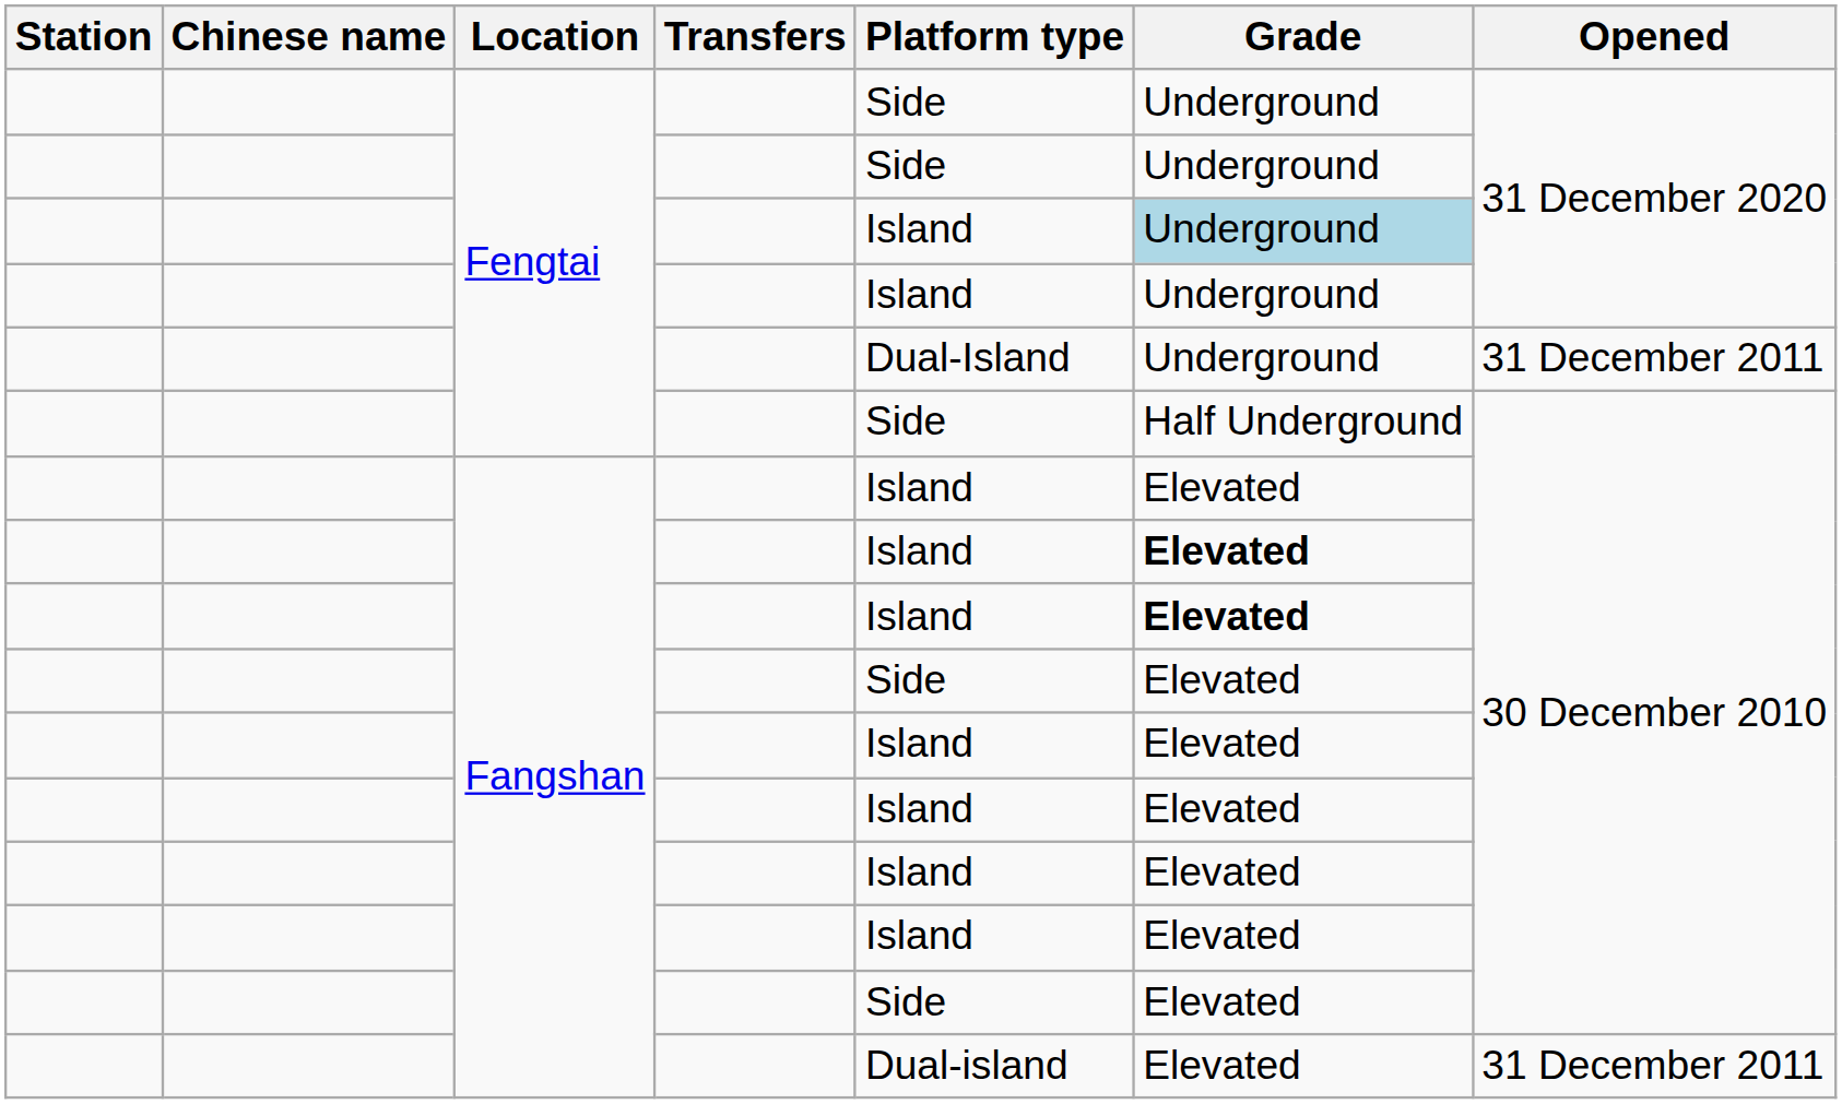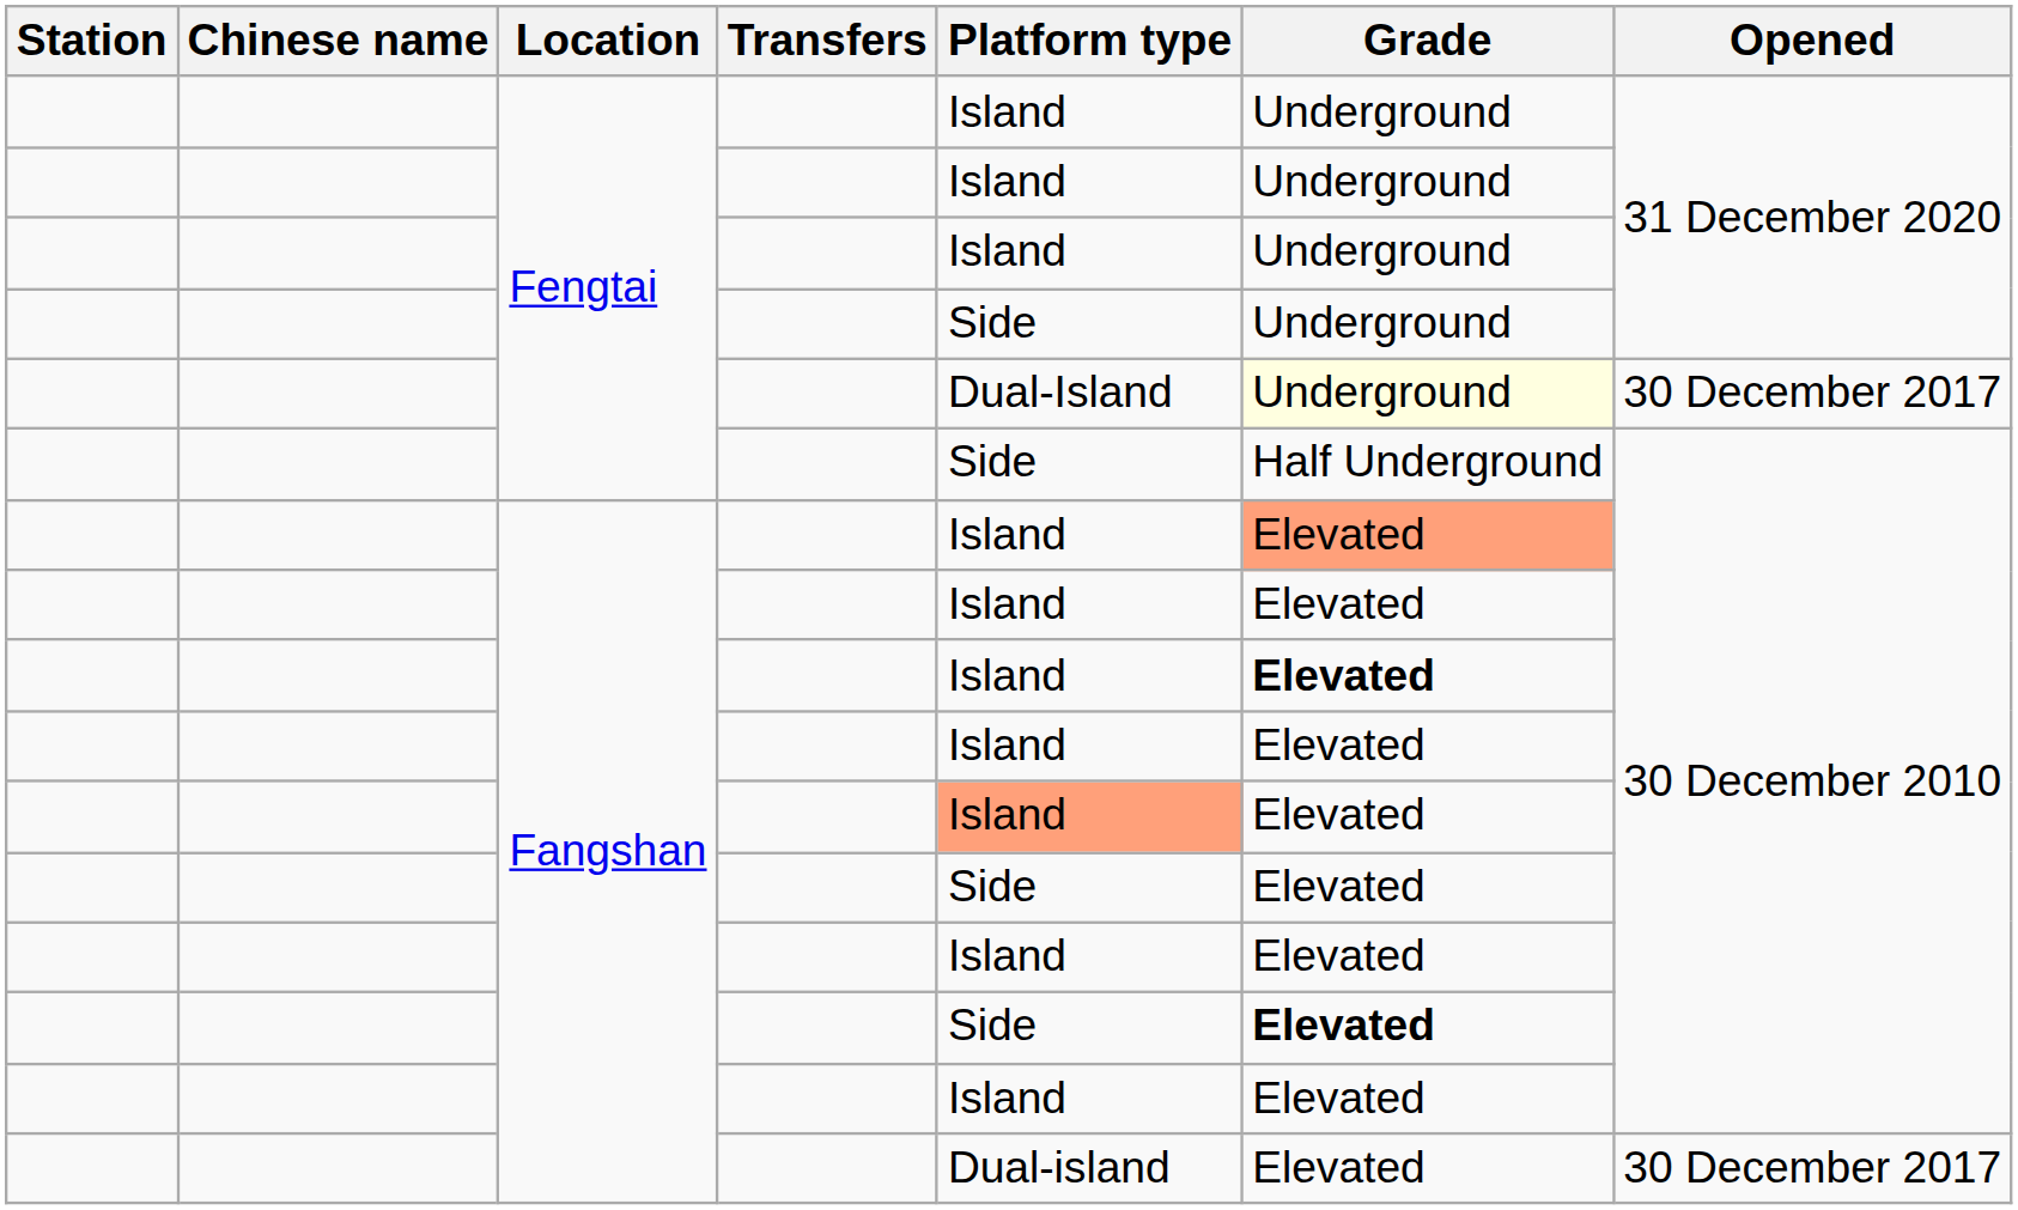 <table class=wikitable>
 <tr>
 <th>Station</th>
 <th>Chinese name</th>
 <th>Location</th>
 <th>Transfers</th>
 <th>Platform type</th>
 <th>Grade</th>
 <th>Opened</th>
 </tr>
 <tr>
 <td></td>
 <td><span></span></td>
 <td rowspan=6><a href='#'>Fengtai</a></td>
 <td></td>
-<td>Side</td>
+<td>Island</td>
 <td>Underground</td>
 <td rowspan=4>31 December 2020</td>
+</tr>
+<tr>
+<td></td>
+<td><span></span></td>
+<td></td>
+<td>Island</td>
+<td>Underground</td>
+</tr>
+<tr>
+<td></td>
+<td><span></span></td>
+<td></td>
+<td>Island</td>
+<td>Underground</td>
 </tr>
 <tr>
 <td></td>
 <td><span></span></td>
 <td></td>
 <td>Side</td>
 <td>Underground</td>
 </tr>
 <tr>
 <td></td>
 <td><span></span></td>
 <td></td>
-<td>Island</td>
-<td style="background: lightblue;">Underground</td>
-</tr>
-<tr>
-<td></td>
-<td><span></span></td>
-<td></td>
-<td>Island</td>
-<td>Underground</td>
-</tr>
-<tr>
-<td></td>
-<td><span></span></td>
-<td></td>
 <td>Dual-Island</td>
-<td>Underground</td>
-<td>31 December 2011</td>
+<td style="background: lightyellow;">Underground</td>
+<td>30 December 2017</td>
 </tr>
 <tr>
 <td></td>
 <td><span></span></td>
 <td></td>
 <td>Side</td>
 <td>Half Underground</td>
 <td rowspan=10>30 December 2010</td>
 </tr>
 <tr>
 <td></td>
 <td><span></span></td>
 <td rowspan=10><a href='#'>Fangshan</a></td>
+<td></td>
+<td>Island</td>
+<td style="background: lightsalmon;">Elevated</td>
+</tr>
+<tr>
+<td></td>
+<td><span></span></td>
 <td></td>
 <td>Island</td>
 <td>Elevated</td>
 </tr>
 <tr>
 <td></td>
 <td><span></span></td>
 <td></td>
 <td>Island</td>
 <td><strong>Elevated</strong></td>
 </tr>
 <tr>
 <td></td>
 <td><span></span></td>
 <td></td>
 <td>Island</td>
-<td><strong>Elevated</strong></td>
+<td>Elevated</td>
+</tr>
+<tr>
+<td></td>
+<td><span></span></td>
+<td></td>
+<td style="background: lightsalmon;">Island</td>
+<td>Elevated</td>
 </tr>
 <tr>
 <td></td>
 <td><span></span></td>
 <td></td>
 <td>Side</td>
 <td>Elevated</td>
 </tr>
 <tr>
 <td></td>
 <td><span></span></td>
 <td></td>
 <td>Island</td>
 <td>Elevated</td>
 </tr>
 <tr>
 <td></td>
 <td><span></span></td>
 <td></td>
-<td>Island</td>
-<td>Elevated</td>
+<td>Side</td>
+<td><strong>Elevated</strong></td>
 </tr>
 <tr>
 <td></td>
 <td><span></span></td>
 <td></td>
 <td>Island</td>
 <td>Elevated</td>
 </tr>
 <tr>
 <td></td>
 <td><span></span></td>
 <td></td>
-<td>Island</td>
-<td>Elevated</td>
-</tr>
-<tr>
-<td></td>
-<td><span></span></td>
-<td></td>
-<td>Side</td>
-<td>Elevated</td>
-</tr>
-<tr>
-<td></td>
-<td><span></span></td>
-<td></td>
 <td>Dual-island</td>
 <td>Elevated</td>
-<td>31 December 2011</td>
+<td>30 December 2017</td>
 </tr>
 </table>
